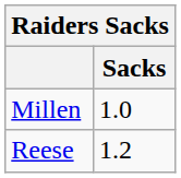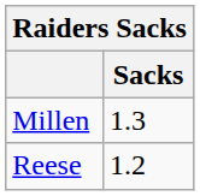 <table class="wikitable">
 <tr>
 <th colspan="2">Raiders Sacks</th>
 </tr>
 <tr>
 <th></th>
 <th>Sacks</th>
 </tr>
 <tr>
 <td><a href='#'>Millen</a></td>
-<td>1.0</td>
+<td>1.3</td>
 </tr>
 <tr>
 <td><a href='#'>Reese</a></td>
 <td>1.2</td>
 </tr>
 </table>
